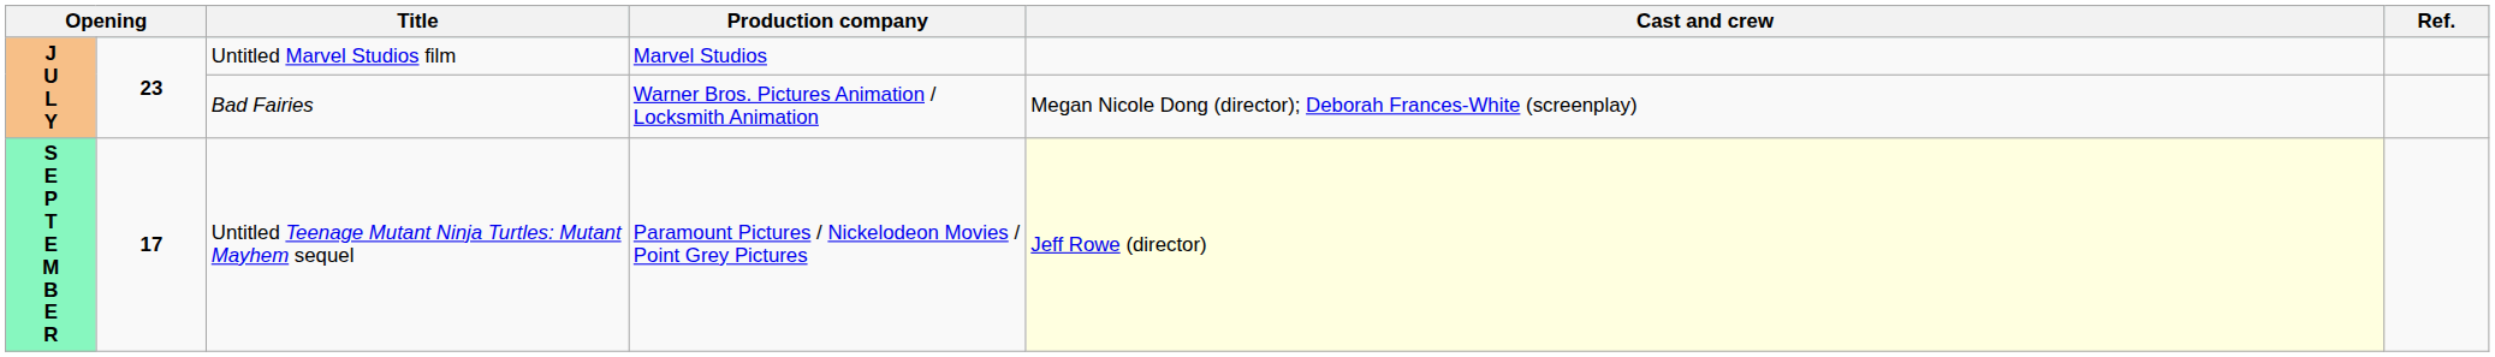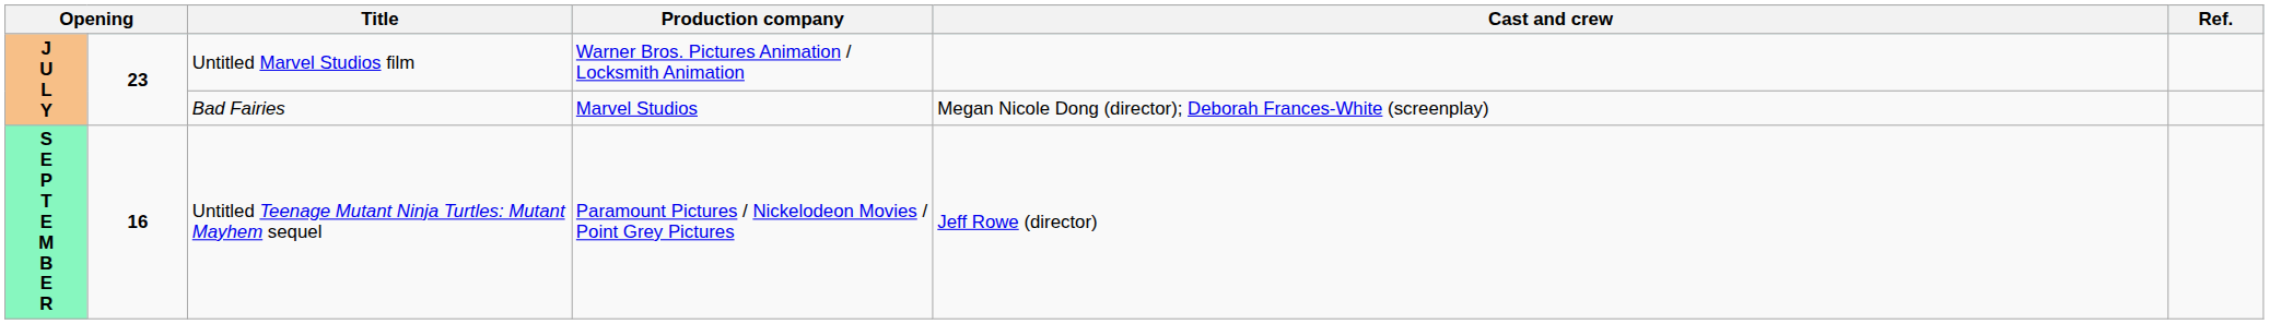 <table class="wikitable sortable">
 <tr style="background:#b0e0e6; text-align:center;">
 <th colspan="2">Opening</th>
 <th style="width:17%;">Title</th>
 <th style="width:16%;">Production company</th>
 <th>Cast and crew</th>
 <th class="unsortable">Ref.</th>
 </tr>
 <tr>
 <th rowspan="2" style="text-align:center; background:#f7bf87; textcolor:#000;">J<br>U<br>L<br>Y</th>
 <td rowspan="2" style="text-align:center"><strong>23</strong></td>
 <td>Untitled <a href='#'>Marvel Studios</a> film</td>
-<td><a href='#'>Marvel Studios</a></td>
+<td><a href='#'>Warner Bros. Pictures Animation</a> / <a href='#'>Locksmith Animation</a></td>
 <td></td>
 <td style="text-align:center"></td>
 </tr>
 <tr>
 <td><em>Bad Fairies</em></td>
-<td><a href='#'>Warner Bros. Pictures Animation</a> / <a href='#'>Locksmith Animation</a></td>
+<td><a href='#'>Marvel Studios</a></td>
 <td>Megan Nicole Dong (director); <a href='#'>Deborah Frances-White</a> (screenplay)</td>
 <td style="text-align:center"></td>
 </tr>
 <tr>
 <th rowspan="1" style="text-align:center; background:#87f7bf; textcolor:#000;">S<br>E<br>P<br>T<br>E<br>M<br>B<br>E<br>R</th>
-<td rowspan="1" style="text-align:center;"><strong>17</strong></td>
+<td rowspan="1" style="text-align:center;"><strong>16</strong></td>
 <td>Untitled <em><a href='#'>Teenage Mutant Ninja Turtles: Mutant Mayhem</a></em> sequel</td>
 <td><a href='#'>Paramount Pictures</a> / <a href='#'>Nickelodeon Movies</a> / <a href='#'>Point Grey Pictures</a></td>
-<td style="background: lightyellow;"><a href='#'>Jeff Rowe</a> (director)</td>
+<td><a href='#'>Jeff Rowe</a> (director)</td>
 <td style="text-align:center"></td>
 </tr>
 </table>
